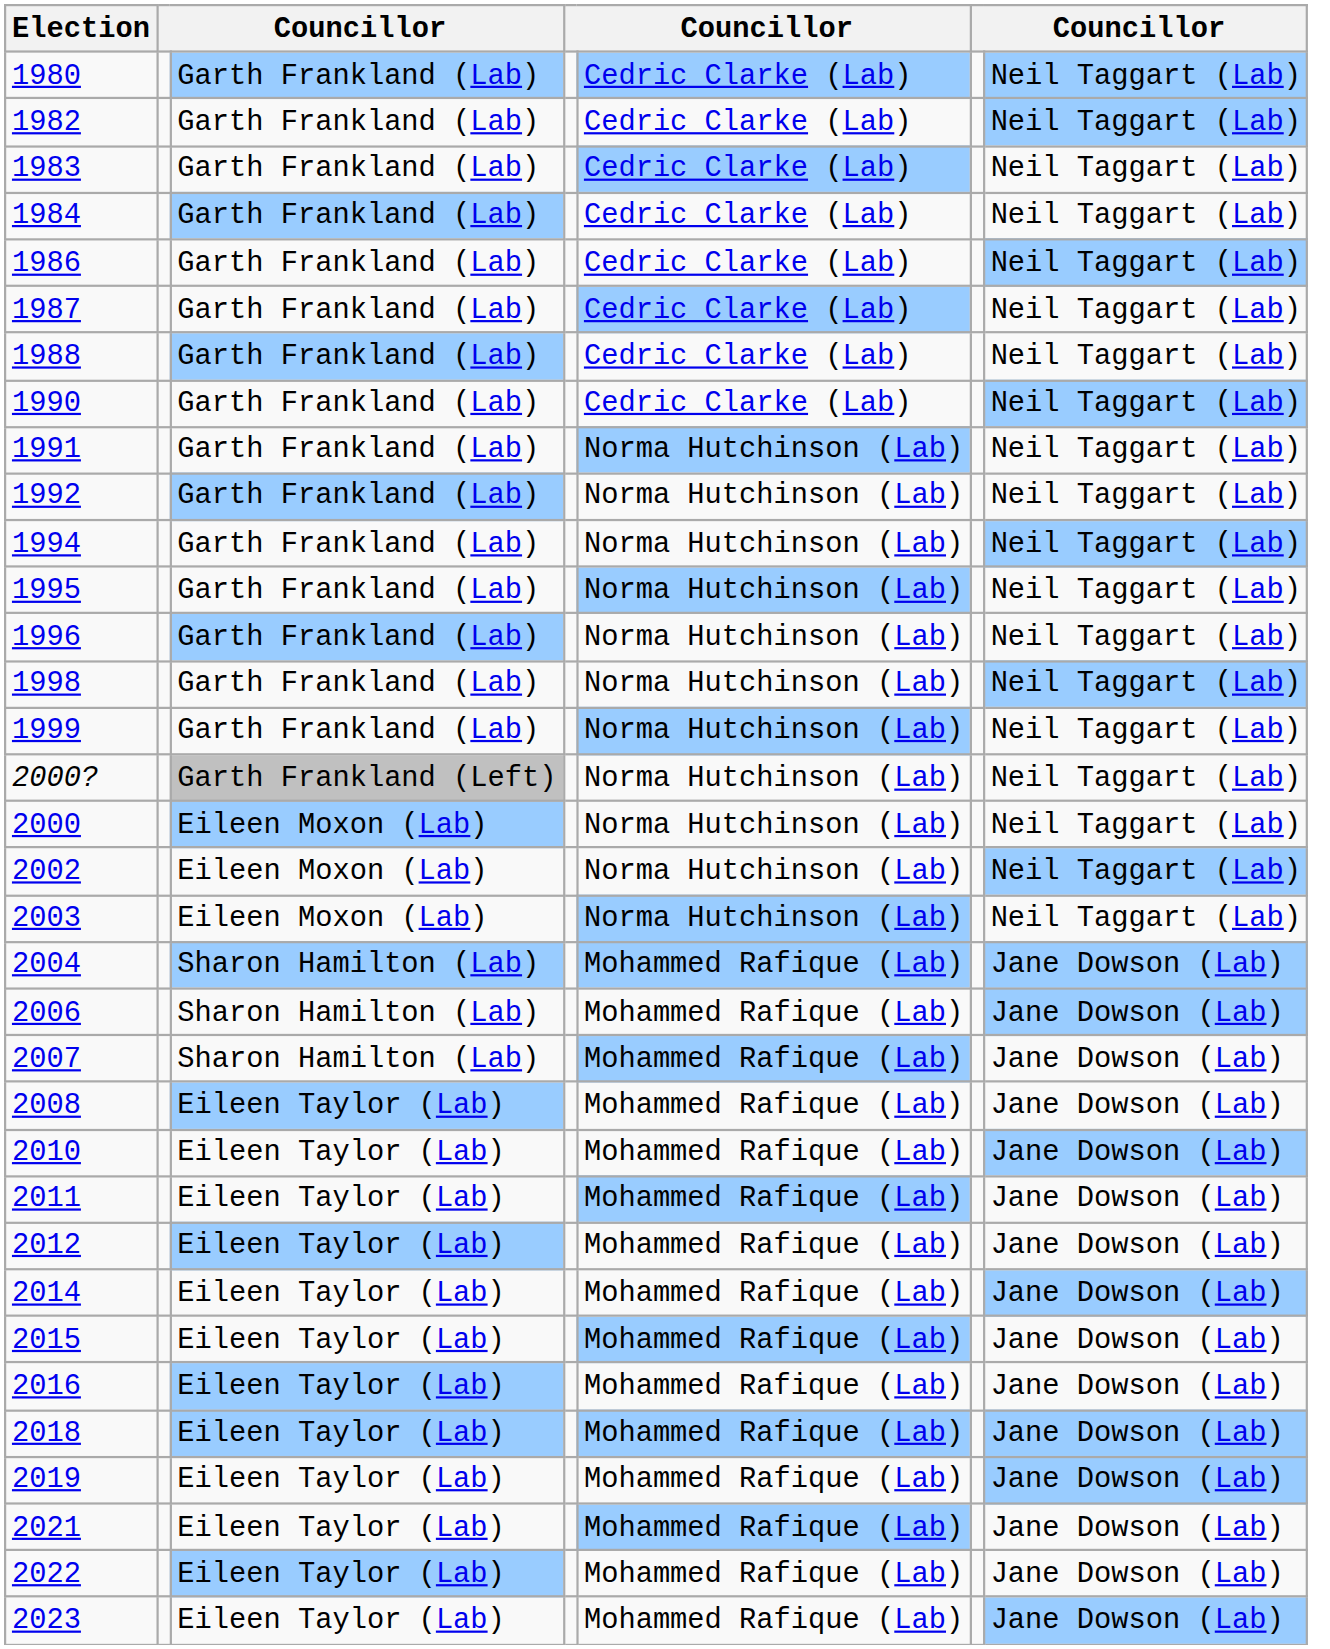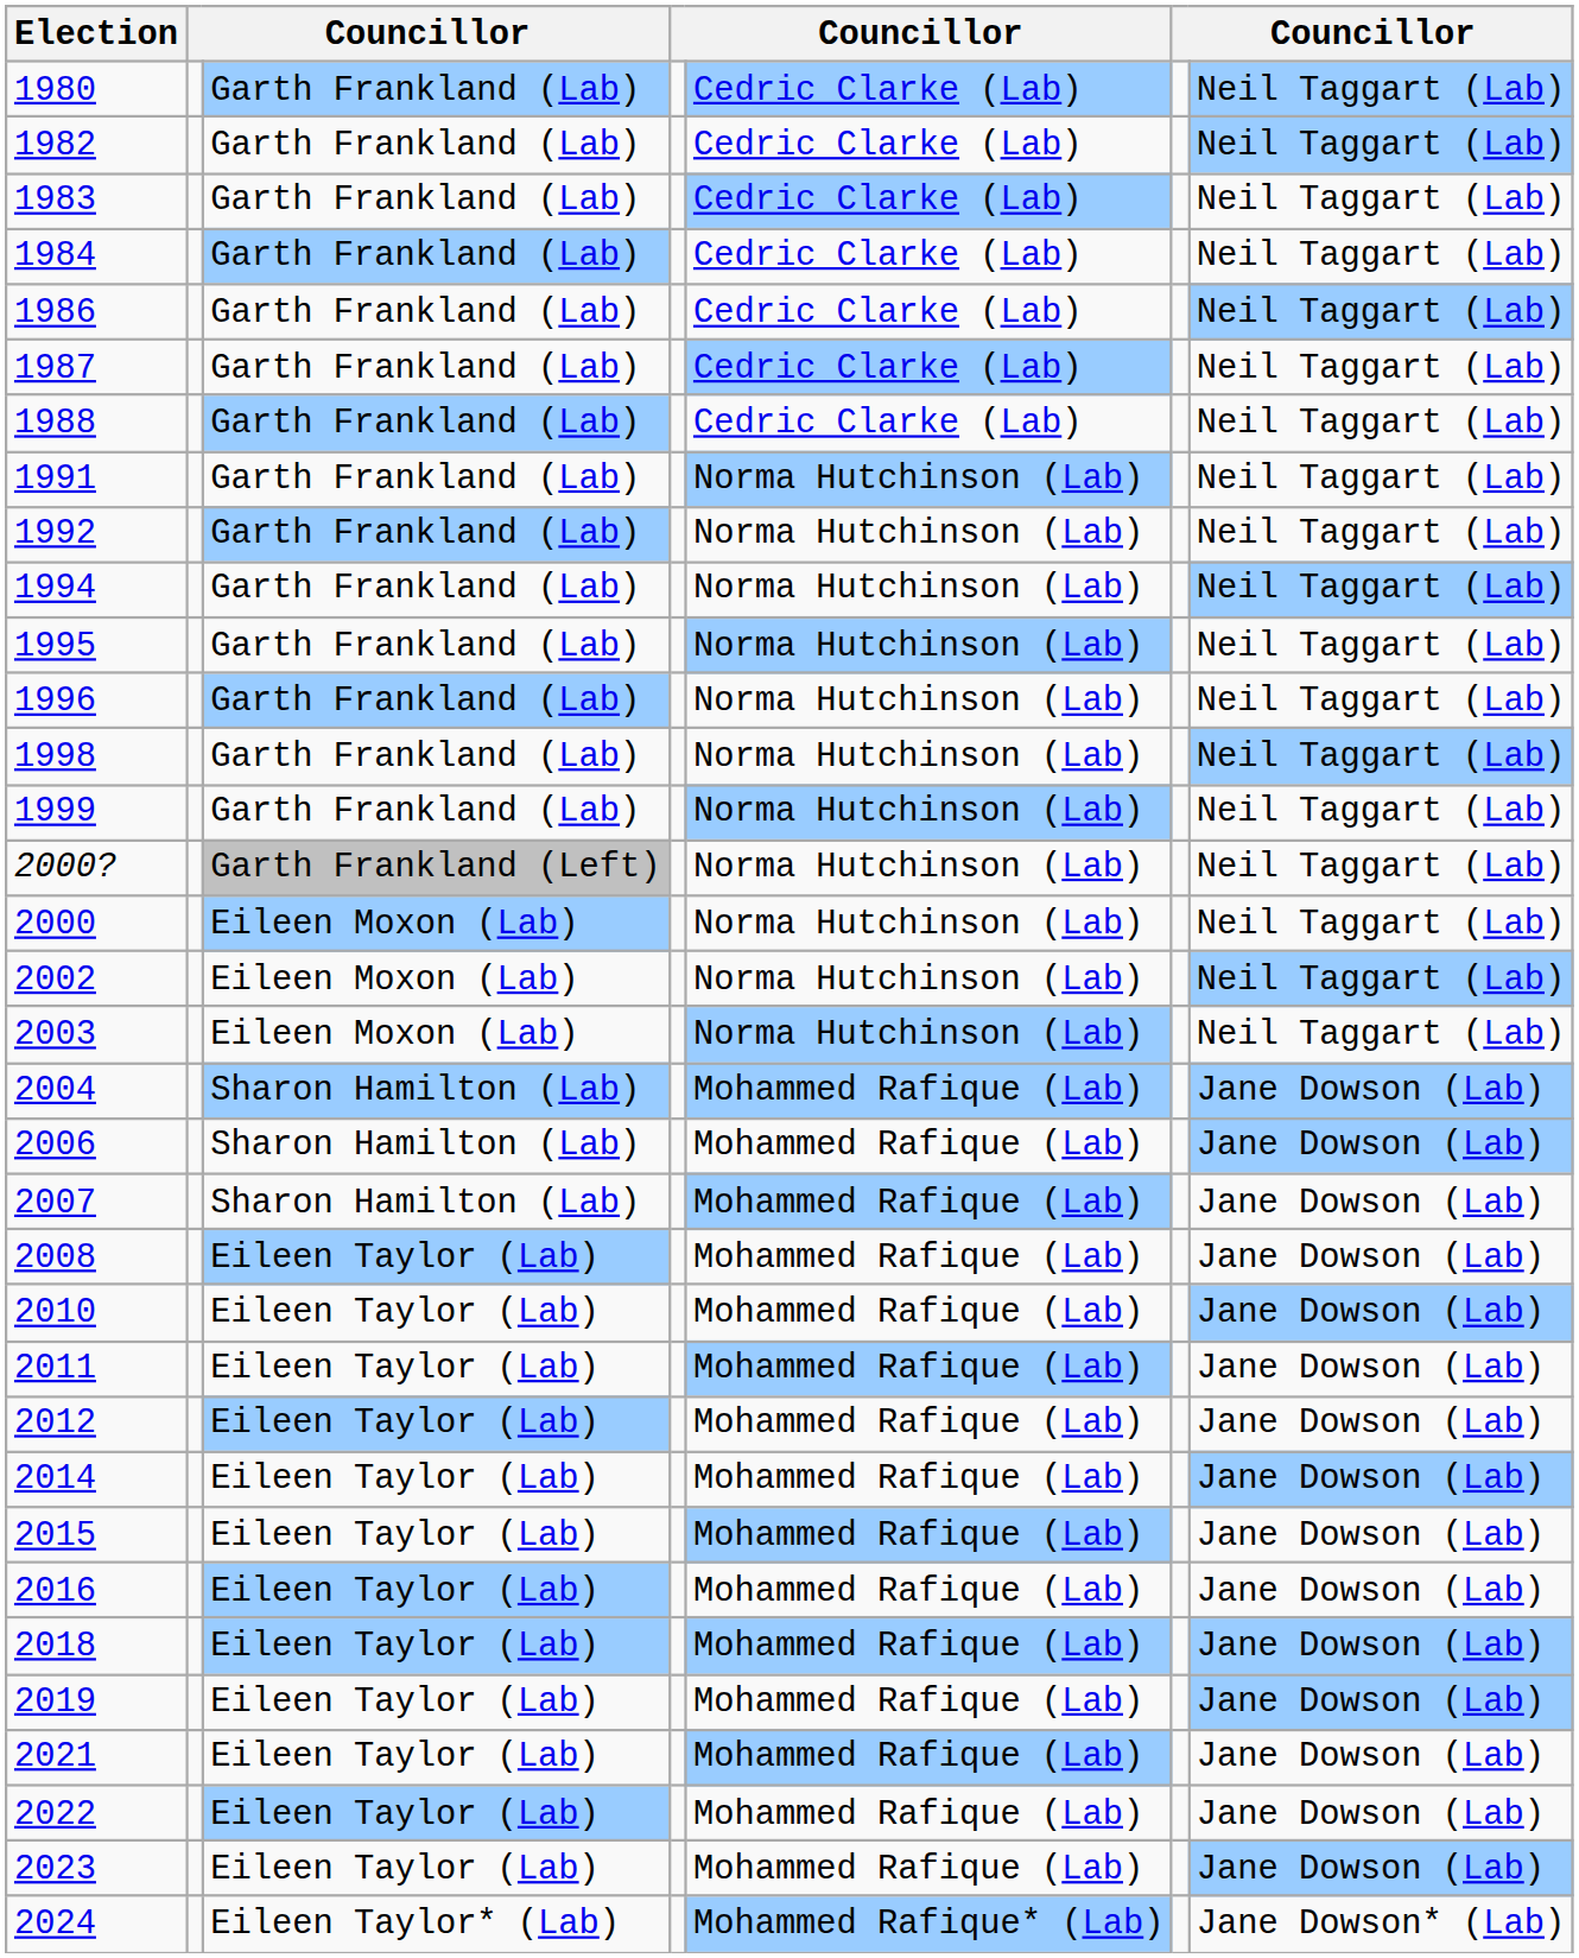 <table class="wikitable">
 <tr>
 <th>Election</th>
 <th colspan="2">Councillor</th>
 <th colspan="2">Councillor</th>
 <th colspan="2">Councillor</th>
 </tr>
 <tr>
 <td><a href='#'>1980</a></td>
 <td style="background-color: "></td>
 <td bgcolor="#99CCFF">Garth Frankland (<a href='#'>Lab</a>)</td>
 <td style="background-color: "></td>
 <td bgcolor="#99CCFF"><a href='#'>Cedric Clarke</a> (<a href='#'>Lab</a>)</td>
 <td style="background-color: "></td>
 <td bgcolor="#99CCFF">Neil Taggart (<a href='#'>Lab</a>)</td>
 </tr>
 <tr>
 <td><a href='#'>1982</a></td>
 <td style="background-color: "></td>
 <td>Garth Frankland (<a href='#'>Lab</a>)</td>
 <td style="background-color: "></td>
 <td><a href='#'>Cedric Clarke</a> (<a href='#'>Lab</a>)</td>
 <td style="background-color: "></td>
 <td bgcolor="#99CCFF">Neil Taggart (<a href='#'>Lab</a>)</td>
 </tr>
 <tr>
 <td><a href='#'>1983</a></td>
 <td style="background-color: "></td>
 <td>Garth Frankland (<a href='#'>Lab</a>)</td>
 <td style="background-color: "></td>
 <td bgcolor="#99CCFF"><a href='#'>Cedric Clarke</a> (<a href='#'>Lab</a>)</td>
 <td style="background-color: "></td>
 <td>Neil Taggart (<a href='#'>Lab</a>)</td>
 </tr>
 <tr>
 <td><a href='#'>1984</a></td>
 <td style="background-color: "></td>
 <td bgcolor="#99CCFF">Garth Frankland (<a href='#'>Lab</a>)</td>
 <td style="background-color: "></td>
 <td><a href='#'>Cedric Clarke</a> (<a href='#'>Lab</a>)</td>
 <td style="background-color: "></td>
 <td>Neil Taggart (<a href='#'>Lab</a>)</td>
 </tr>
 <tr>
 <td><a href='#'>1986</a></td>
 <td style="background-color: "></td>
 <td>Garth Frankland (<a href='#'>Lab</a>)</td>
 <td style="background-color: "></td>
 <td><a href='#'>Cedric Clarke</a> (<a href='#'>Lab</a>)</td>
 <td style="background-color: "></td>
 <td bgcolor="#99CCFF">Neil Taggart (<a href='#'>Lab</a>)</td>
 </tr>
 <tr>
 <td><a href='#'>1987</a></td>
 <td style="background-color: "></td>
 <td>Garth Frankland (<a href='#'>Lab</a>)</td>
 <td style="background-color: "></td>
 <td bgcolor="#99CCFF"><a href='#'>Cedric Clarke</a> (<a href='#'>Lab</a>)</td>
 <td style="background-color: "></td>
 <td>Neil Taggart (<a href='#'>Lab</a>)</td>
 </tr>
 <tr>
 <td><a href='#'>1988</a></td>
 <td style="background-color: "></td>
 <td bgcolor="#99CCFF">Garth Frankland (<a href='#'>Lab</a>)</td>
 <td style="background-color: "></td>
 <td><a href='#'>Cedric Clarke</a> (<a href='#'>Lab</a>)</td>
 <td style="background-color: "></td>
 <td>Neil Taggart (<a href='#'>Lab</a>)</td>
-</tr>
-<tr>
-<td><a href='#'>1990</a></td>
-<td style="background-color: "></td>
-<td>Garth Frankland (<a href='#'>Lab</a>)</td>
-<td style="background-color: "></td>
-<td><a href='#'>Cedric Clarke</a> (<a href='#'>Lab</a>)</td>
-<td style="background-color: "></td>
-<td bgcolor="#99CCFF">Neil Taggart (<a href='#'>Lab</a>)</td>
 </tr>
 <tr>
 <td><a href='#'>1991</a></td>
 <td style="background-color: "></td>
 <td>Garth Frankland (<a href='#'>Lab</a>)</td>
 <td style="background-color: "></td>
 <td bgcolor="#99CCFF">Norma Hutchinson (<a href='#'>Lab</a>)</td>
 <td style="background-color: "></td>
 <td>Neil Taggart (<a href='#'>Lab</a>)</td>
 </tr>
 <tr>
 <td><a href='#'>1992</a></td>
 <td style="background-color: "></td>
 <td bgcolor="#99CCFF">Garth Frankland (<a href='#'>Lab</a>)</td>
 <td style="background-color: "></td>
 <td>Norma Hutchinson (<a href='#'>Lab</a>)</td>
 <td style="background-color: "></td>
 <td>Neil Taggart (<a href='#'>Lab</a>)</td>
 </tr>
 <tr>
 <td><a href='#'>1994</a></td>
 <td style="background-color: "></td>
 <td>Garth Frankland (<a href='#'>Lab</a>)</td>
 <td style="background-color: "></td>
 <td>Norma Hutchinson (<a href='#'>Lab</a>)</td>
 <td style="background-color: "></td>
 <td bgcolor="#99CCFF">Neil Taggart (<a href='#'>Lab</a>)</td>
 </tr>
 <tr>
 <td><a href='#'>1995</a></td>
 <td style="background-color: "></td>
 <td>Garth Frankland (<a href='#'>Lab</a>)</td>
 <td style="background-color: "></td>
 <td bgcolor="#99CCFF">Norma Hutchinson (<a href='#'>Lab</a>)</td>
 <td style="background-color: "></td>
 <td>Neil Taggart (<a href='#'>Lab</a>)</td>
 </tr>
 <tr>
 <td><a href='#'>1996</a></td>
 <td style="background-color: "></td>
 <td bgcolor="#99CCFF">Garth Frankland (<a href='#'>Lab</a>)</td>
 <td style="background-color: "></td>
 <td>Norma Hutchinson (<a href='#'>Lab</a>)</td>
 <td style="background-color: "></td>
 <td>Neil Taggart (<a href='#'>Lab</a>)</td>
 </tr>
 <tr>
 <td><a href='#'>1998</a></td>
 <td style="background-color: "></td>
 <td>Garth Frankland (<a href='#'>Lab</a>)</td>
 <td style="background-color: "></td>
 <td>Norma Hutchinson (<a href='#'>Lab</a>)</td>
 <td style="background-color: "></td>
 <td bgcolor="#99CCFF">Neil Taggart (<a href='#'>Lab</a>)</td>
 </tr>
 <tr>
 <td><a href='#'>1999</a></td>
 <td style="background-color: "></td>
 <td>Garth Frankland (<a href='#'>Lab</a>)</td>
 <td style="background-color: "></td>
 <td bgcolor="#99CCFF">Norma Hutchinson (<a href='#'>Lab</a>)</td>
 <td style="background-color: "></td>
 <td>Neil Taggart (<a href='#'>Lab</a>)</td>
 </tr>
 <tr>
 <td><em>2000?</em></td>
 <td style="background-color: "></td>
 <td bgcolor="#C0C0C0">Garth Frankland (Left)</td>
 <td style="background-color: "></td>
 <td>Norma Hutchinson (<a href='#'>Lab</a>)</td>
 <td style="background-color: "></td>
 <td>Neil Taggart (<a href='#'>Lab</a>)</td>
 </tr>
 <tr>
 <td><a href='#'>2000</a></td>
 <td style="background-color: "></td>
 <td bgcolor="#99CCFF">Eileen Moxon (<a href='#'>Lab</a>)</td>
 <td style="background-color: "></td>
 <td>Norma Hutchinson (<a href='#'>Lab</a>)</td>
 <td style="background-color: "></td>
 <td>Neil Taggart (<a href='#'>Lab</a>)</td>
 </tr>
 <tr>
 <td><a href='#'>2002</a></td>
 <td style="background-color: "></td>
 <td>Eileen Moxon (<a href='#'>Lab</a>)</td>
 <td style="background-color: "></td>
 <td>Norma Hutchinson (<a href='#'>Lab</a>)</td>
 <td style="background-color: "></td>
 <td bgcolor="#99CCFF">Neil Taggart (<a href='#'>Lab</a>)</td>
 </tr>
 <tr>
 <td><a href='#'>2003</a></td>
 <td style="background-color: "></td>
 <td>Eileen Moxon (<a href='#'>Lab</a>)</td>
 <td style="background-color: "></td>
 <td bgcolor="#99CCFF">Norma Hutchinson (<a href='#'>Lab</a>)</td>
 <td style="background-color: "></td>
 <td>Neil Taggart (<a href='#'>Lab</a>)</td>
 </tr>
 <tr>
 <td><a href='#'>2004</a></td>
 <td style="background-color: "></td>
 <td bgcolor="#99CCFF">Sharon Hamilton (<a href='#'>Lab</a>)</td>
 <td style="background-color: "></td>
 <td bgcolor="#99CCFF">Mohammed Rafique (<a href='#'>Lab</a>)</td>
 <td style="background-color: "></td>
 <td bgcolor="#99CCFF">Jane Dowson (<a href='#'>Lab</a>)</td>
 </tr>
 <tr>
 <td><a href='#'>2006</a></td>
 <td style="background-color: "></td>
 <td>Sharon Hamilton (<a href='#'>Lab</a>)</td>
 <td style="background-color: "></td>
 <td>Mohammed Rafique (<a href='#'>Lab</a>)</td>
 <td style="background-color: "></td>
 <td bgcolor="#99CCFF">Jane Dowson (<a href='#'>Lab</a>)</td>
 </tr>
 <tr>
 <td><a href='#'>2007</a></td>
 <td style="background-color: "></td>
 <td>Sharon Hamilton (<a href='#'>Lab</a>)</td>
 <td style="background-color: "></td>
 <td bgcolor="#99CCFF">Mohammed Rafique (<a href='#'>Lab</a>)</td>
 <td style="background-color: "></td>
 <td>Jane Dowson (<a href='#'>Lab</a>)</td>
 </tr>
 <tr>
 <td><a href='#'>2008</a></td>
 <td style="background-color: "></td>
 <td bgcolor="#99CCFF">Eileen Taylor (<a href='#'>Lab</a>)</td>
 <td style="background-color: "></td>
 <td>Mohammed Rafique (<a href='#'>Lab</a>)</td>
 <td style="background-color: "></td>
 <td>Jane Dowson (<a href='#'>Lab</a>)</td>
 </tr>
 <tr>
 <td><a href='#'>2010</a></td>
 <td style="background-color: "></td>
 <td>Eileen Taylor (<a href='#'>Lab</a>)</td>
 <td style="background-color: "></td>
 <td>Mohammed Rafique (<a href='#'>Lab</a>)</td>
 <td style="background-color: "></td>
 <td bgcolor="#99CCFF">Jane Dowson (<a href='#'>Lab</a>)</td>
 </tr>
 <tr>
 <td><a href='#'>2011</a></td>
 <td style="background-color: "></td>
 <td>Eileen Taylor (<a href='#'>Lab</a>)</td>
 <td style="background-color: "></td>
 <td bgcolor="#99CCFF">Mohammed Rafique (<a href='#'>Lab</a>)</td>
 <td style="background-color: "></td>
 <td>Jane Dowson (<a href='#'>Lab</a>)</td>
 </tr>
 <tr>
 <td><a href='#'>2012</a></td>
 <td style="background-color: "></td>
 <td bgcolor="#99CCFF">Eileen Taylor (<a href='#'>Lab</a>)</td>
 <td style="background-color: "></td>
 <td>Mohammed Rafique (<a href='#'>Lab</a>)</td>
 <td style="background-color: "></td>
 <td>Jane Dowson (<a href='#'>Lab</a>)</td>
 </tr>
 <tr>
 <td><a href='#'>2014</a></td>
 <td style="background-color: "></td>
 <td>Eileen Taylor (<a href='#'>Lab</a>)</td>
 <td style="background-color: "></td>
 <td>Mohammed Rafique (<a href='#'>Lab</a>)</td>
 <td style="background-color: "></td>
 <td bgcolor="#99CCFF">Jane Dowson (<a href='#'>Lab</a>)</td>
 </tr>
 <tr>
 <td><a href='#'>2015</a></td>
 <td style="background-color: "></td>
 <td>Eileen Taylor (<a href='#'>Lab</a>)</td>
 <td style="background-color: "></td>
 <td bgcolor="#99CCFF">Mohammed Rafique (<a href='#'>Lab</a>)</td>
 <td style="background-color: "></td>
 <td>Jane Dowson (<a href='#'>Lab</a>)</td>
 </tr>
 <tr>
 <td><a href='#'>2016</a></td>
 <td style="background-color: "></td>
 <td bgcolor="#99CCFF">Eileen Taylor (<a href='#'>Lab</a>)</td>
 <td style="background-color: "></td>
 <td>Mohammed Rafique (<a href='#'>Lab</a>)</td>
 <td style="background-color: "></td>
 <td>Jane Dowson (<a href='#'>Lab</a>)</td>
 </tr>
 <tr>
 <td><a href='#'>2018</a></td>
 <td style="background-color: "></td>
 <td bgcolor="#99CCFF">Eileen Taylor (<a href='#'>Lab</a>)</td>
 <td style="background-color: "></td>
 <td bgcolor="#99CCFF">Mohammed Rafique (<a href='#'>Lab</a>)</td>
 <td style="background-color: "></td>
 <td bgcolor="#99CCFF">Jane Dowson (<a href='#'>Lab</a>)</td>
 </tr>
 <tr>
 <td><a href='#'>2019</a></td>
 <td style="background-color: "></td>
 <td>Eileen Taylor (<a href='#'>Lab</a>)</td>
 <td style="background-color: "></td>
 <td>Mohammed Rafique (<a href='#'>Lab</a>)</td>
 <td style="background-color: "></td>
 <td bgcolor="#99CCFF">Jane Dowson (<a href='#'>Lab</a>)</td>
 </tr>
 <tr>
 <td><a href='#'>2021</a></td>
 <td style="background-color: "></td>
 <td>Eileen Taylor (<a href='#'>Lab</a>)</td>
 <td style="background-color: "></td>
 <td bgcolor="#99CCFF">Mohammed Rafique (<a href='#'>Lab</a>)</td>
 <td style="background-color: "></td>
 <td>Jane Dowson (<a href='#'>Lab</a>)</td>
 </tr>
 <tr>
 <td><a href='#'>2022</a></td>
 <td style="background-color: "></td>
 <td bgcolor="#99CCFF">Eileen Taylor (<a href='#'>Lab</a>)</td>
 <td style="background-color: "></td>
 <td>Mohammed Rafique (<a href='#'>Lab</a>)</td>
 <td style="background-color: "></td>
 <td>Jane Dowson (<a href='#'>Lab</a>)</td>
 </tr>
 <tr>
 <td><a href='#'>2023</a></td>
 <td style="background-color: "></td>
 <td>Eileen Taylor (<a href='#'>Lab</a>)</td>
 <td style="background-color: "></td>
 <td>Mohammed Rafique (<a href='#'>Lab</a>)</td>
 <td style="background-color: "></td>
 <td bgcolor="#99CCFF">Jane Dowson (<a href='#'>Lab</a>)</td>
 </tr>
+<tr>
+<td><a href='#'>2024</a></td>
+<td style="background-color: "></td>
+<td>Eileen Taylor* (<a href='#'>Lab</a>)</td>
+<td style="background-color: "></td>
+<td bgcolor="#99CCFF">Mohammed Rafique* (<a href='#'>Lab</a>)</td>
+<td style="background-color: "></td>
+<td>Jane Dowson* (<a href='#'>Lab</a>)</td>
+</tr>
 </table>
